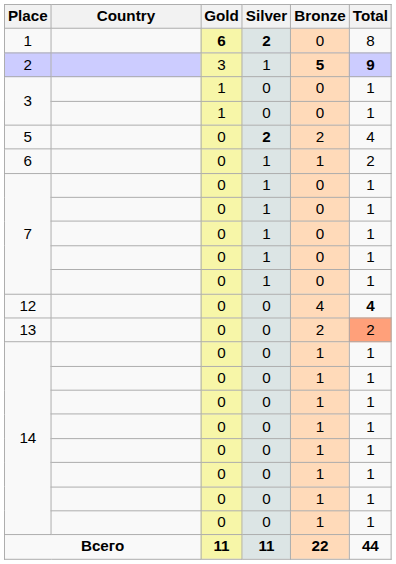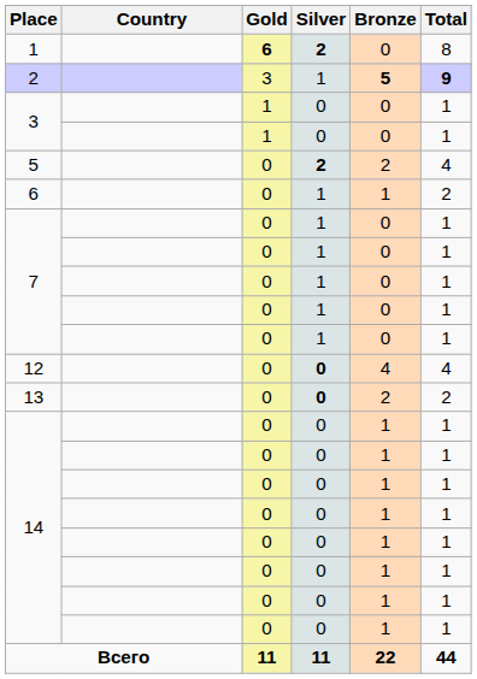 <table class="wikitable">
 <tr>
 <th>Place</th>
 <th width=150>Country</th>
 <th bgcolor="gold">Gold</th>
 <th bgcolor="silver">Silver</th>
 <th bgcolor="cc9966">Bronze</th>
 <th>Total</th>
 </tr>
 <tr align=center>
 <td>1</td>
 <td align=left></td>
 <td style="background:#F7F6A8;"><strong>6</strong></td>
 <td style="background:#DCE5E5;"><strong>2</strong></td>
 <td style="background:#FFDAB9;">0</td>
 <td>8</td>
 </tr>
 <tr align=center bgcolor=ccccff>
 <td>2</td>
 <td align=left></td>
 <td style="background:#F7F6A8;">3</td>
 <td style="background:#DCE5E5;">1</td>
 <td style="background:#FFDAB9;"><strong>5</strong></td>
 <td><strong>9</strong></td>
 </tr>
 <tr align=center>
 <td rowspan="2">3</td>
 <td align=left></td>
 <td style="background:#F7F6A8;">1</td>
 <td style="background:#DCE5E5;">0</td>
 <td style="background:#FFDAB9;">0</td>
 <td>1</td>
 </tr>
 <tr align=center>
 <td align=left></td>
 <td style="background:#F7F6A8;">1</td>
 <td style="background:#DCE5E5;">0</td>
 <td style="background:#FFDAB9;">0</td>
 <td>1</td>
 </tr>
 <tr align=center>
 <td>5</td>
 <td align=left></td>
 <td style="background:#F7F6A8;">0</td>
 <td style="background:#DCE5E5;"><strong>2</strong></td>
 <td style="background:#FFDAB9;">2</td>
 <td>4</td>
 </tr>
 <tr align=center>
 <td>6</td>
 <td align=left></td>
 <td style="background:#F7F6A8;">0</td>
 <td style="background:#DCE5E5;">1</td>
 <td style="background:#FFDAB9;">1</td>
 <td>2</td>
 </tr>
 <tr align=center>
 <td rowspan="5">7</td>
 <td align=left></td>
 <td style="background:#F7F6A8;">0</td>
 <td style="background:#DCE5E5;">1</td>
 <td style="background:#FFDAB9;">0</td>
 <td>1</td>
 </tr>
 <tr align=center>
 <td align=left></td>
 <td style="background:#F7F6A8;">0</td>
 <td style="background:#DCE5E5;">1</td>
 <td style="background:#FFDAB9;">0</td>
 <td>1</td>
 </tr>
 <tr align=center>
 <td align=left></td>
 <td style="background:#F7F6A8;">0</td>
 <td style="background:#DCE5E5;">1</td>
 <td style="background:#FFDAB9;">0</td>
 <td>1</td>
 </tr>
 <tr align=center>
 <td align=left></td>
 <td style="background:#F7F6A8;">0</td>
 <td style="background:#DCE5E5;">1</td>
 <td style="background:#FFDAB9;">0</td>
 <td>1</td>
 </tr>
 <tr align=center>
 <td align=left></td>
 <td style="background:#F7F6A8;">0</td>
 <td style="background:#DCE5E5;">1</td>
 <td style="background:#FFDAB9;">0</td>
 <td>1</td>
 </tr>
 <tr align=center>
 <td>12</td>
 <td align=left></td>
 <td style="background:#F7F6A8;">0</td>
-<td style="background:#DCE5E5;">0</td>
+<td style="background:#DCE5E5;"><strong>0</strong></td>
 <td style="background:#FFDAB9;">4</td>
-<td><strong>4</strong></td>
+<td>4</td>
 </tr>
 <tr align=center>
 <td>13</td>
 <td align=left></td>
 <td style="background:#F7F6A8;">0</td>
-<td style="background:#DCE5E5;">0</td>
+<td style="background:#DCE5E5;"><strong>0</strong></td>
 <td style="background:#FFDAB9;">2</td>
-<td style="background: lightsalmon;">2</td>
+<td>2</td>
 </tr>
 <tr align=center>
 <td rowspan="8">14</td>
 <td align=left></td>
 <td style="background:#F7F6A8;">0</td>
 <td style="background:#DCE5E5;">0</td>
 <td style="background:#FFDAB9;">1</td>
 <td>1</td>
 </tr>
 <tr align=center>
 <td align=left></td>
 <td style="background:#F7F6A8;">0</td>
 <td style="background:#DCE5E5;">0</td>
 <td style="background:#FFDAB9;">1</td>
 <td>1</td>
 </tr>
 <tr align=center>
 <td align=left></td>
 <td style="background:#F7F6A8;">0</td>
 <td style="background:#DCE5E5;">0</td>
 <td style="background:#FFDAB9;">1</td>
 <td>1</td>
 </tr>
 <tr align=center>
 <td align=left></td>
 <td style="background:#F7F6A8;">0</td>
 <td style="background:#DCE5E5;">0</td>
 <td style="background:#FFDAB9;">1</td>
 <td>1</td>
 </tr>
 <tr align=center>
 <td align=left></td>
 <td style="background:#F7F6A8;">0</td>
 <td style="background:#DCE5E5;">0</td>
 <td style="background:#FFDAB9;">1</td>
 <td>1</td>
 </tr>
 <tr align=center>
 <td align=left></td>
 <td style="background:#F7F6A8;">0</td>
 <td style="background:#DCE5E5;">0</td>
 <td style="background:#FFDAB9;">1</td>
 <td>1</td>
 </tr>
 <tr align=center>
 <td align=left></td>
 <td style="background:#F7F6A8;">0</td>
 <td style="background:#DCE5E5;">0</td>
 <td style="background:#FFDAB9;">1</td>
 <td>1</td>
 </tr>
 <tr align=center>
 <td align=left></td>
 <td style="background:#F7F6A8;">0</td>
 <td style="background:#DCE5E5;">0</td>
 <td style="background:#FFDAB9;">1</td>
 <td>1</td>
 </tr>
 <tr align=center>
 <td colspan="2"><strong>Всего</strong></td>
 <td style="background:#F7F6A8;"><strong>11</strong></td>
 <td style="background:#DCE5E5;"><strong>11</strong></td>
 <td style="background:#FFDAB9;"><strong>22</strong></td>
 <td><strong>44</strong></td>
 </tr>
 </table>
